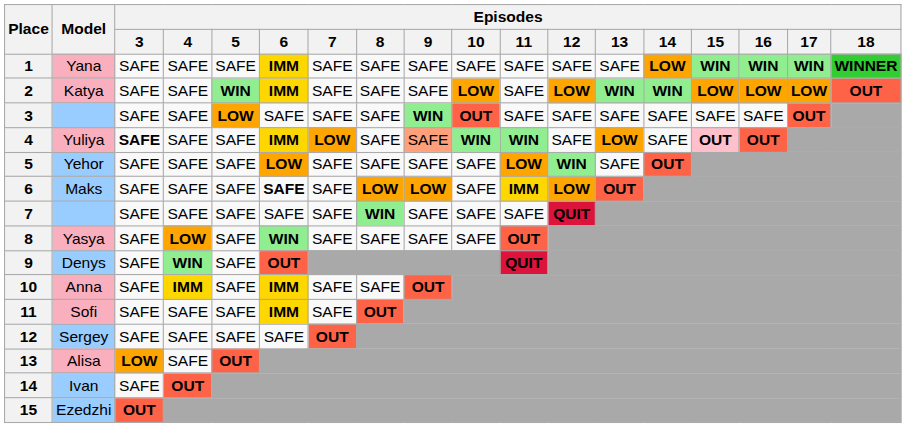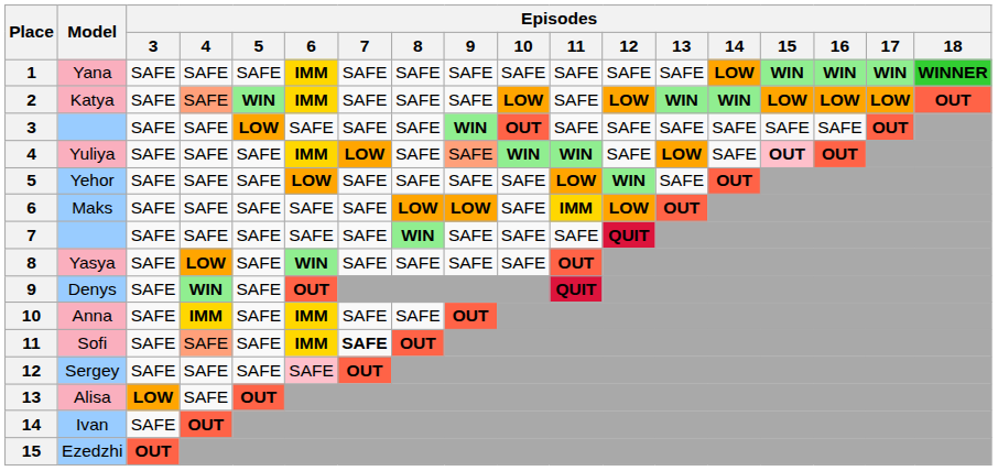 <table class="wikitable" style="text-align:center; font-size:90%">
 <tr>
 <th rowspan="2">Place</th>
 <th rowspan="2">Model</th>
 <th colspan="16">Episodes</th>
 </tr>
 <tr>
 <th>3</th>
 <th>4</th>
 <th>5</th>
 <th>6</th>
 <th>7</th>
 <th>8</th>
 <th>9</th>
 <th>10</th>
 <th>11</th>
 <th>12</th>
 <th>13</th>
 <th>14</th>
 <th>15</th>
 <th>16</th>
 <th>17</th>
 <th>18</th>
 </tr>
 <tr>
 <th>1</th>
 <td style="background:#faafbe">Yana</td>
 <td>SAFE</td>
 <td>SAFE</td>
 <td>SAFE</td>
 <td style="background:gold;"><strong>IMM</strong></td>
 <td>SAFE</td>
 <td>SAFE</td>
 <td>SAFE</td>
 <td>SAFE</td>
 <td>SAFE</td>
 <td>SAFE</td>
 <td>SAFE</td>
 <td style="background:orange;"><strong>LOW</strong></td>
 <td style="background:lightgreen;"><strong>WIN</strong></td>
 <td style="background:lightgreen;"><strong>WIN</strong></td>
 <td style="background:lightgreen;"><strong>WIN</strong></td>
 <td style="background:limegreen;"><strong>WINNER</strong></td>
 </tr>
 <tr>
 <th>2</th>
 <td style="background:#faafbe">Katya</td>
 <td>SAFE</td>
-<td>SAFE</td>
+<td style="background: lightsalmon;">SAFE</td>
 <td style="background:lightgreen;"><strong>WIN</strong></td>
 <td style="background:gold;"><strong>IMM</strong></td>
 <td>SAFE</td>
 <td>SAFE</td>
 <td>SAFE</td>
 <td style="background:orange;"><strong>LOW</strong></td>
 <td>SAFE</td>
 <td style="background:orange;"><strong>LOW</strong></td>
 <td style="background:lightgreen;"><strong>WIN</strong></td>
 <td style="background:lightgreen;"><strong>WIN</strong></td>
 <td style="background:orange;"><strong>LOW</strong></td>
 <td style="background:orange;"><strong>LOW</strong></td>
 <td style="background:orange;"><strong>LOW</strong></td>
 <td style="background:tomato;"><strong>OUT</strong></td>
 </tr>
 <tr>
 <th>3</th>
 <td style="background:#9cf;"></td>
 <td>SAFE</td>
 <td>SAFE</td>
 <td style="background:orange;"><strong>LOW</strong></td>
 <td>SAFE</td>
 <td>SAFE</td>
 <td>SAFE</td>
 <td style="background:lightgreen;"><strong>WIN</strong></td>
 <td style="background:tomato;"><strong>OUT</strong></td>
 <td>SAFE</td>
 <td>SAFE</td>
 <td>SAFE</td>
 <td>SAFE</td>
 <td>SAFE</td>
 <td>SAFE</td>
 <td style="background:tomato;"><strong>OUT</strong></td>
 <td colspan="78" style="background:darkgrey;"></td>
 </tr>
 <tr>
 <th>4</th>
 <td style="background:#faafbe">Yuliya</td>
-<td><strong>SAFE</strong></td>
+<td>SAFE</td>
 <td>SAFE</td>
 <td>SAFE</td>
 <td style="background:gold;"><strong>IMM</strong></td>
 <td style="background:orange;"><strong>LOW</strong></td>
 <td>SAFE</td>
 <td style="background: lightsalmon;">SAFE</td>
 <td style="background:lightgreen;"><strong>WIN</strong></td>
 <td style="background:lightgreen;"><strong>WIN</strong></td>
 <td>SAFE</td>
 <td style="background:orange;"><strong>LOW</strong></td>
 <td>SAFE</td>
 <td style="background:pink"><strong>OUT</strong></td>
 <td style="background:tomato;"><strong>OUT</strong></td>
 <td colspan="79" style="background:darkgrey;"></td>
 </tr>
 <tr>
 <th>5</th>
 <td style="background:#9cf;">Yehor</td>
 <td>SAFE</td>
 <td>SAFE</td>
 <td>SAFE</td>
 <td style="background:orange;"><strong>LOW</strong></td>
 <td>SAFE</td>
 <td>SAFE</td>
 <td>SAFE</td>
 <td>SAFE</td>
 <td style="background:orange;"><strong>LOW</strong></td>
 <td style="background:lightgreen;"><strong>WIN</strong></td>
 <td>SAFE</td>
 <td style="background:tomato;"><strong>OUT</strong></td>
 <td colspan="81" style="background:darkgrey;"></td>
 </tr>
 <tr>
 <th>6</th>
 <td style="background:#9cf;">Maks</td>
 <td>SAFE</td>
 <td>SAFE</td>
 <td>SAFE</td>
-<td><strong>SAFE</strong></td>
+<td>SAFE</td>
 <td>SAFE</td>
 <td style="background:orange;"><strong>LOW</strong></td>
 <td style="background:orange;"><strong>LOW</strong></td>
 <td>SAFE</td>
 <td style="background:gold;"><strong>IMM</strong></td>
 <td style="background:orange;"><strong>LOW</strong></td>
 <td style="background:tomato;"><strong>OUT</strong></td>
 <td colspan="82" style="background:darkgrey;"></td>
 </tr>
 <tr>
 <th>7</th>
 <td style="background:#9cf;"></td>
 <td>SAFE</td>
 <td>SAFE</td>
 <td>SAFE</td>
 <td>SAFE</td>
 <td>SAFE</td>
 <td style="background:lightgreen;"><strong>WIN</strong></td>
 <td>SAFE</td>
 <td>SAFE</td>
 <td>SAFE</td>
 <td style="background:crimson;"><strong><span>QUIT</span></strong></td>
 <td colspan="83" style="background:darkgrey;"></td>
 </tr>
 <tr>
 <th>8</th>
 <td style="background:#faafbe">Yasya</td>
 <td>SAFE</td>
 <td style="background:orange;"><strong>LOW</strong></td>
 <td>SAFE</td>
 <td style="background:lightgreen;"><strong>WIN</strong></td>
 <td>SAFE</td>
 <td>SAFE</td>
 <td>SAFE</td>
 <td>SAFE</td>
 <td style="background:tomato;"><strong>OUT</strong></td>
 <td colspan="84" style="background:darkgrey;"></td>
 </tr>
 <tr>
 <th>9</th>
 <td style="background:#9cf;">Denys</td>
 <td>SAFE</td>
 <td style="background:lightgreen;"><strong>WIN</strong></td>
 <td>SAFE</td>
 <td style="background:tomato;"><strong>OUT</strong></td>
 <td colspan="4" style="background:darkgrey;"></td>
 <td style="background:crimson;"><strong><span>QUIT</span></strong></td>
 <td colspan="84" style="background:darkgrey;"></td>
 </tr>
 <tr>
 <th>10</th>
 <td style="background:#faafbe">Anna</td>
 <td>SAFE</td>
 <td style="background:gold;"><strong>IMM</strong></td>
 <td>SAFE</td>
 <td style="background:gold;"><strong>IMM</strong></td>
 <td>SAFE</td>
 <td>SAFE</td>
 <td style="background:tomato;"><strong>OUT</strong></td>
 <td colspan="86" style="background:darkgrey;"></td>
 </tr>
 <tr>
 <th>11</th>
 <td style="background:#faafbe">Sofi</td>
 <td>SAFE</td>
-<td>SAFE</td>
+<td style="background: lightsalmon;">SAFE</td>
 <td>SAFE</td>
 <td style="background:gold;"><strong>IMM</strong></td>
-<td>SAFE</td>
+<td><strong>SAFE</strong></td>
 <td style="background:tomato;"><strong>OUT</strong></td>
 <td colspan="87" style="background:darkgrey;"></td>
 </tr>
 <tr>
 <th>12</th>
 <td style="background:#9cf;">Sergey</td>
 <td>SAFE</td>
 <td>SAFE</td>
 <td>SAFE</td>
-<td>SAFE</td>
+<td style="background: pink;">SAFE</td>
 <td style="background:tomato;"><strong>OUT</strong></td>
 <td colspan="88" style="background:darkgrey;"></td>
 </tr>
 <tr>
 <th>13</th>
 <td style="background:#faafbe">Alisa</td>
 <td style="background:orange;"><strong>LOW</strong></td>
 <td>SAFE</td>
 <td style="background:tomato;"><strong>OUT</strong></td>
 <td colspan="90" style="background:darkgrey;"></td>
 </tr>
 <tr>
 <th>14</th>
 <td style="background:#9cf;">Ivan</td>
 <td>SAFE</td>
 <td style="background:tomato;"><strong>OUT</strong></td>
 <td colspan="91" style="background:darkgrey;"></td>
 </tr>
 <tr>
 <th>15</th>
 <td style="background:#9cf;">Ezedzhi</td>
 <td style="background:tomato;"><strong>OUT</strong></td>
 <td colspan="92" style="background:darkgrey;"></td>
 </tr>
 </table>
